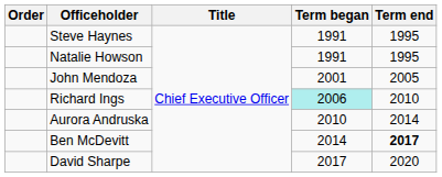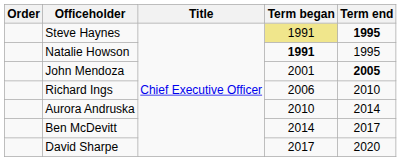 <table class="wikitable" width="auto" style="text-align: center">
 <tr>
 <th>Order</th>
 <th>Officeholder</th>
 <th>Title</th>
 <th>Term began</th>
 <th>Term end</th>
 </tr>
 <tr>
 <td></td>
 <td align=left>Steve Haynes</td>
 <td align=left rowspan=7><a href='#'>Chief Executive Officer</a></td>
-<td>1991</td>
-<td>1995 </td>
+<td style="background: khaki;">1991</td>
+<td><strong>1995 </strong></td>
 </tr>
 <tr>
 <td></td>
 <td align=left>Natalie Howson</td>
-<td>1991</td>
+<td><strong>1991</strong></td>
 <td>1995</td>
 </tr>
 <tr>
 <td></td>
 <td align=left>John Mendoza</td>
 <td>2001</td>
-<td>2005</td>
+<td><strong>2005</strong></td>
 </tr>
 <tr>
 <td></td>
 <td align=left>Richard Ings</td>
-<td style="background: paleturquoise;">2006</td>
+<td>2006</td>
 <td>2010</td>
 </tr>
 <tr>
 <td></td>
 <td align=left>Aurora Andruska</td>
 <td>2010</td>
 <td>2014</td>
 </tr>
 <tr>
 <td></td>
 <td align=left>Ben McDevitt</td>
 <td>2014</td>
-<td><strong>2017  </strong></td>
+<td>2017  </td>
 </tr>
 <tr>
 <td></td>
 <td align=left>David Sharpe </td>
 <td>2017</td>
 <td>2020  </td>
 </tr>
 </table>
